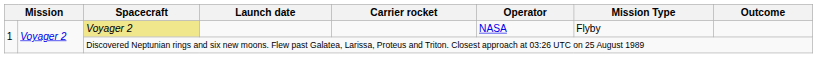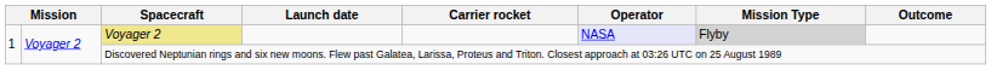 <table class="wikitable sortable" style="width:100%">
 <tr>
 <th colspan="2">Mission</th>
 <th>Spacecraft</th>
 <th>Launch date</th>
 <th>Carrier rocket</th>
 <th>Operator</th>
 <th>Mission Type</th>
 <th>Outcome</th>
 </tr>
 <tr>
 <td rowspan="2">1</td>
 <td rowspan="2"><em><a href='#'>Voyager 2</a></em></td>
 <td style="background: khaki;"><em>Voyager 2</em></td>
 <td></td>
 <td></td>
-<td> <a href='#'>NASA</a></td>
-<td>Flyby</td>
+<td style="background: lavender;"> <a href='#'>NASA</a></td>
+<td style="background: lightgrey;">Flyby</td>
 <td></td>
 </tr>
 <tr>
 <td colspan="6"><small>Discovered Neptunian rings and six new moons. Flew past Galatea, Larissa, Proteus and Triton. Closest approach at 03:26 UTC on 25 August 1989</small></td>
 </tr>
 </table>
